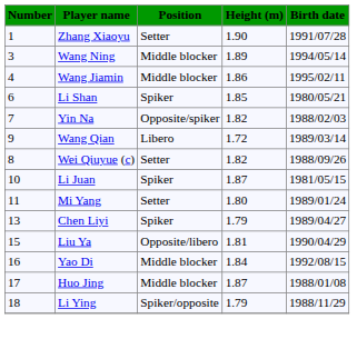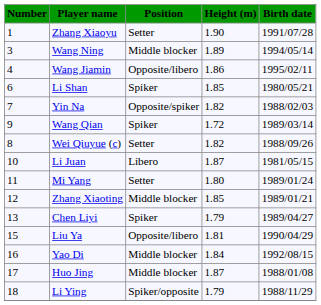 <table bgcolor="#f7f8ff" cellpadding="3" cellspacing="0" border="1" style="font-size: 95%; border: gray solid 1px; border-collapse: collapse;">
 <tr bgcolor="#009900">
 <td align=center><strong>Number</strong></td>
 <td align=center><strong>Player name</strong></td>
 <td align=center><strong>Position</strong></td>
 <td align=center><strong>Height (m)</strong></td>
 <td align=center><strong>Birth date</strong></td>
 </tr>
 <tr align=left>
 <td>1</td>
 <td> <a href='#'>Zhang Xiaoyu</a></td>
 <td>Setter</td>
 <td>1.90</td>
 <td>1991/07/28</td>
 </tr>
 <tr align="left">
 <td>3</td>
 <td> <a href='#'>Wang Ning</a></td>
 <td>Middle blocker</td>
 <td>1.89</td>
 <td>1994/05/14</td>
 </tr>
 <tr align="left">
 <td>4</td>
 <td> <a href='#'>Wang Jiamin</a></td>
-<td>Middle blocker</td>
+<td>Opposite/libero</td>
 <td>1.86</td>
 <td>1995/02/11</td>
 </tr>
 <tr align="left">
 <td>6</td>
 <td> <a href='#'>Li Shan</a></td>
 <td>Spiker</td>
 <td>1.85</td>
 <td>1980/05/21</td>
 </tr>
 <tr align="left">
 <td>7</td>
 <td> <a href='#'>Yin Na</a></td>
 <td>Opposite/spiker</td>
 <td>1.82</td>
 <td>1988/02/03</td>
 </tr>
 <tr align="left">
 <td>9</td>
 <td> <a href='#'>Wang Qian</a></td>
-<td>Libero</td>
+<td>Spiker</td>
 <td>1.72</td>
 <td>1989/03/14</td>
 </tr>
 <tr align="left">
 <td>8</td>
 <td> <a href='#'>Wei Qiuyue</a> (<a href='#'>c</a>)</td>
 <td>Setter</td>
 <td>1.82</td>
 <td>1988/09/26</td>
 </tr>
 <tr align="left">
 <td>10</td>
 <td> <a href='#'>Li Juan</a></td>
-<td>Spiker</td>
+<td>Libero</td>
 <td>1.87</td>
 <td>1981/05/15</td>
 </tr>
 <tr align="left">
 <td>11</td>
 <td> <a href='#'>Mi Yang</a></td>
 <td>Setter</td>
 <td>1.80</td>
 <td>1989/01/24</td>
+</tr>
+<tr align="left">
+<td>12</td>
+<td> <a href='#'>Zhang Xiaoting</a></td>
+<td>Middle blocker</td>
+<td>1.85</td>
+<td>1989/01/21</td>
 </tr>
 <tr align="left">
 <td>13</td>
 <td> <a href='#'>Chen Liyi</a></td>
 <td>Spiker</td>
 <td>1.79</td>
 <td>1989/04/27</td>
 </tr>
 <tr align="left">
 <td>15</td>
 <td> <a href='#'>Liu Ya</a></td>
 <td>Opposite/libero</td>
 <td>1.81</td>
 <td>1990/04/29</td>
 </tr>
 <tr align="left">
 <td>16</td>
 <td> <a href='#'>Yao Di</a></td>
 <td>Middle blocker</td>
 <td>1.84</td>
 <td>1992/08/15</td>
 </tr>
 <tr align="left">
 <td>17</td>
 <td> <a href='#'>Huo Jing</a></td>
 <td>Middle blocker</td>
 <td>1.87</td>
 <td>1988/01/08</td>
 </tr>
 <tr align="left">
 <td>18</td>
 <td> <a href='#'>Li Ying</a></td>
 <td>Spiker/opposite</td>
 <td>1.79</td>
 <td>1988/11/29</td>
 </tr>
 <tr align="left">
 </tr>
 </table>
